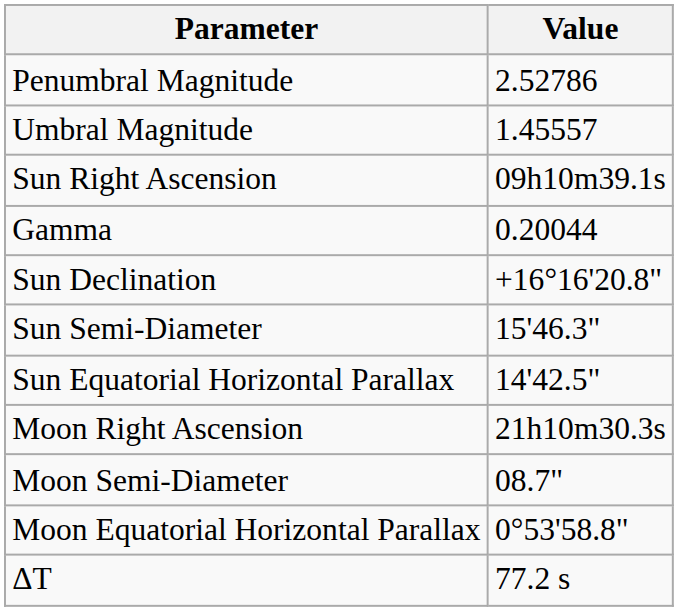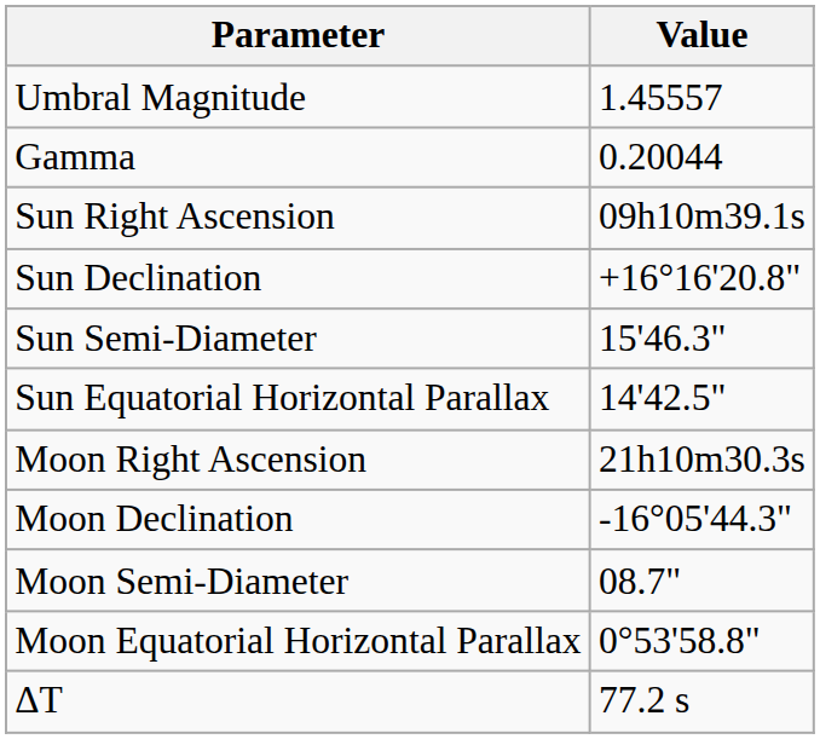 <table class="wikitable">
 <tr>
 <th>Parameter</th>
 <th>Value</th>
 </tr>
 <tr>
-<td>Penumbral Magnitude</td>
-<td>2.52786</td>
-</tr>
-<tr>
 <td>Umbral Magnitude</td>
 <td>1.45557</td>
 </tr>
 <tr>
+<td>Gamma</td>
+<td>0.20044</td>
+</tr>
+<tr>
 <td>Sun Right Ascension</td>
 <td>09h10m39.1s</td>
-</tr>
-<tr>
-<td>Gamma</td>
-<td>0.20044</td>
 </tr>
 <tr>
 <td>Sun Declination</td>
 <td>+16°16'20.8"</td>
 </tr>
 <tr>
 <td>Sun Semi-Diameter</td>
 <td>15'46.3"</td>
 </tr>
 <tr>
 <td>Sun Equatorial Horizontal Parallax</td>
 <td>14'42.5"</td>
 </tr>
 <tr>
 <td>Moon Right Ascension</td>
 <td>21h10m30.3s</td>
 </tr>
 <tr>
+<td>Moon Declination</td>
+<td>-16°05'44.3"</td>
+</tr>
+<tr>
 <td>Moon Semi-Diameter</td>
 <td>08.7"</td>
 </tr>
 <tr>
 <td>Moon Equatorial Horizontal Parallax</td>
 <td>0°53'58.8"</td>
 </tr>
 <tr>
 <td>ΔT</td>
 <td>77.2 s</td>
 </tr>
 </table>
